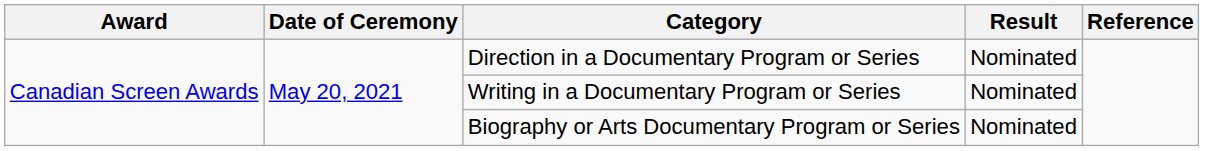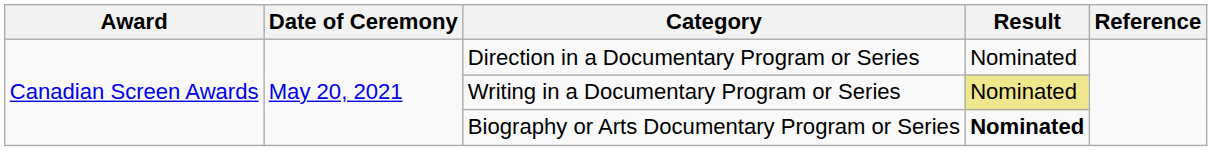 <table class="wikitable">
 <tr>
 <th>Award</th>
 <th>Date of Ceremony</th>
 <th>Category</th>
 <th>Result</th>
 <th>Reference</th>
 </tr>
 <tr>
 <td rowspan="3"><a href='#'>Canadian Screen Awards</a></td>
 <td rowspan="3"><a href='#'>May 20, 2021</a></td>
 <td>Direction in a Documentary Program or Series</td>
 <td>Nominated</td>
 <td rowspan="3"></td>
 </tr>
 <tr>
 <td>Writing in a Documentary Program or Series</td>
-<td>Nominated</td>
+<td style="background: khaki;">Nominated</td>
 </tr>
 <tr>
 <td>Biography or Arts Documentary Program or Series</td>
-<td>Nominated</td>
+<td><strong>Nominated</strong></td>
 </tr>
 </table>
